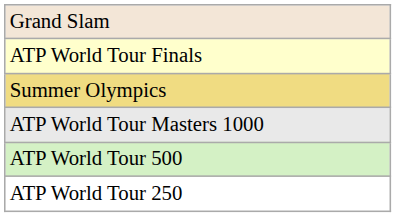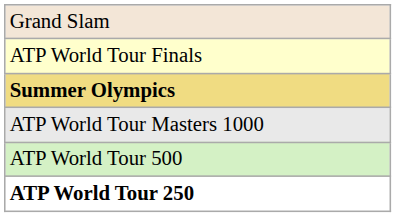 <table class="wikitable" style="font-size:85%;width:20%">
 <tr style="background:#f3e6d7;">
 <td>Grand Slam</td>
 </tr>
 <tr style="background:#ffffcc;">
 <td>ATP World Tour Finals</td>
 </tr>
 <tr style="background:#f0dc82;">
-<td>Summer Olympics</td>
+<td><strong>Summer Olympics</strong></td>
 </tr>
 <tr style="background:#e9e9e9;">
 <td>ATP World Tour Masters 1000</td>
 </tr>
 <tr style="background:#d4f1c5;">
 <td>ATP World Tour 500</td>
 </tr>
 <tr style="background:#ffffff;">
-<td>ATP World Tour 250</td>
+<td><strong>ATP World Tour 250</strong></td>
 </tr>
 </table>
